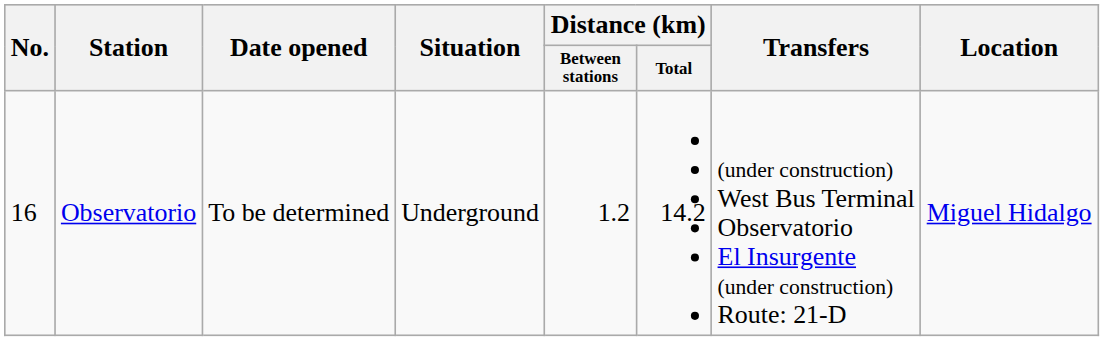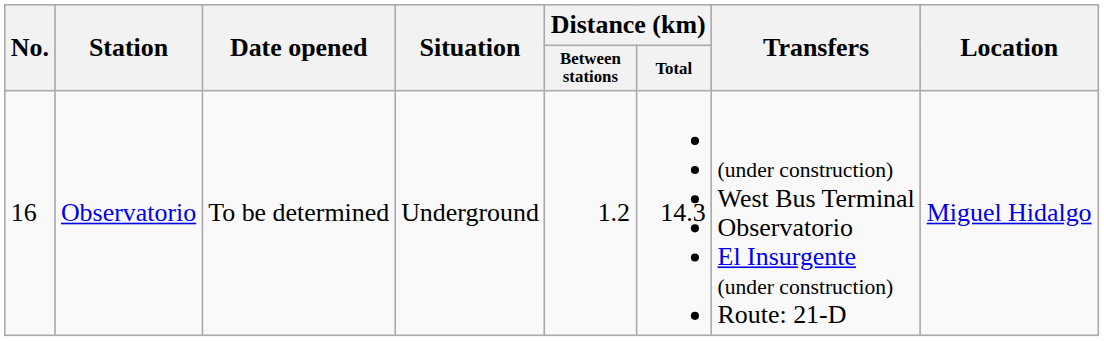 <table class="wikitable" rules="all">
 <tr>
 <th rowspan="2">No.</th>
 <th rowspan="2">Station</th>
 <th rowspan="2">Date opened</th>
 <th rowspan="2">Situation</th>
 <th colspan="2">Distance (km)</th>
 <th rowspan="2">Transfers</th>
 <th rowspan="2">Location</th>
 </tr>
 <tr>
 <th style="font-size: 65%;">Between<br>stations</th>
 <th style="font-size: 65%;">Total</th>
 </tr>
 <tr>
 <td style="background: #">16</td>
 <td><a href='#'>Observatorio</a> </td>
 <td>To be determined</td>
 <td>Underground</td>
 <td style="text-align:right;">1.2</td>
-<td style="text-align:right;">14.2</td>
+<td style="text-align:right;">14.3</td>
 <td><br><li> </li> <li>  <small>(under construction)</small></li> <li> West Bus Terminal</li> <li> Observatorio</li> <li>  <a href='#'>El Insurgente</a><br><small>(under construction)</small></li> <li> Route: 21-D</li></td>
 <td><a href='#'>Miguel Hidalgo</a></td>
 </tr>
 </table>
